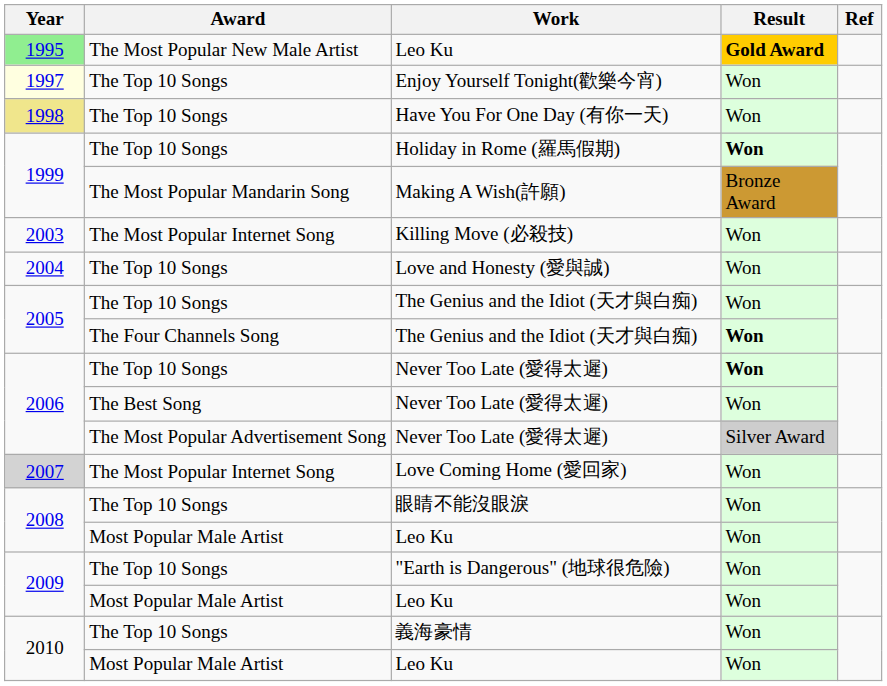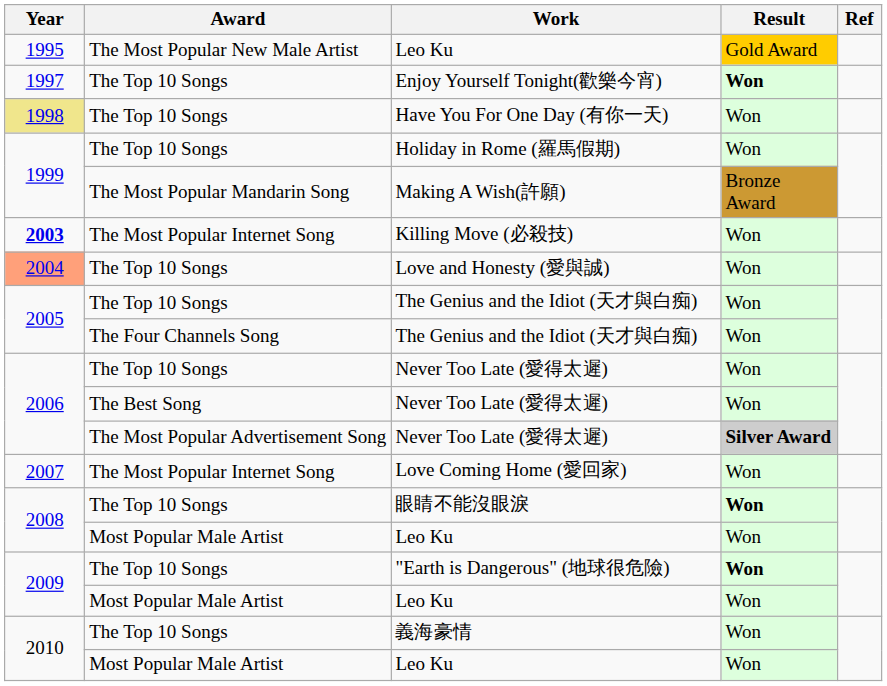 <table class="wikitable">
 <tr>
 <th width=60>Year</th>
 <th width="250">Award</th>
 <th width="270">Work</th>
 <th width="90">Result</th>
 <th width="30">Ref</th>
 </tr>
 <tr>
-<td align="center" style="background: lightgreen;"><a href='#'>1995</a></td>
+<td align="center"><a href='#'>1995</a></td>
 <td>The Most Popular New Male Artist</td>
 <td>Leo Ku</td>
-<td style="background: #FFCC00"><strong><div>Gold Award</div></strong></td>
+<td style="background: #FFCC00"><div>Gold Award</div></td>
 <td align="center"></td>
 </tr>
 <tr>
-<td align="center" style="background: lightyellow;"><a href='#'>1997</a></td>
+<td align="center"><a href='#'>1997</a></td>
 <td>The Top 10 Songs</td>
 <td>Enjoy Yourself Tonight(歡樂今宵)</td>
-<td style="background: #ddffdd"><div>Won</div></td>
+<td style="background: #ddffdd"><strong><div>Won</div></strong></td>
 <td align="center"></td>
 </tr>
 <tr>
 <td align="center" style="background: khaki;"><a href='#'>1998</a></td>
 <td>The Top 10 Songs</td>
 <td>Have You For One Day (有你一天)</td>
 <td style="background: #ddffdd"><div>Won</div></td>
 <td align="center"></td>
 </tr>
 <tr>
 <td rowspan = "2" align="center"><a href='#'>1999</a></td>
 <td>The Top 10 Songs</td>
 <td>Holiday in Rome (羅馬假期)</td>
-<td style="background: #ddffdd"><strong><div>Won</div></strong></td>
+<td style="background: #ddffdd"><div>Won</div></td>
 <td rowspan = "2"  align="center"></td>
 </tr>
 <tr>
 <td>The Most Popular Mandarin Song</td>
 <td>Making A Wish(許願)</td>
 <td style="background: #CC9933"><div>Bronze Award</div></td>
 </tr>
 <tr>
-<td align="center"><a href='#'>2003</a></td>
+<td align="center"><strong><a href='#'>2003</a></strong></td>
 <td>The Most Popular Internet Song</td>
 <td>Killing Move (必殺技)</td>
 <td style="background: #ddffdd"><div>Won</div></td>
 <td align="center"></td>
 </tr>
 <tr>
-<td align="center"><a href='#'>2004</a></td>
+<td align="center" style="background: lightsalmon;"><a href='#'>2004</a></td>
 <td>The Top 10 Songs</td>
 <td>Love and Honesty (愛與誠)</td>
 <td style="background: #ddffdd"><div>Won</div></td>
 <td align="center"></td>
 </tr>
 <tr>
 <td rowspan = "2" align="center"><a href='#'>2005</a></td>
 <td>The Top 10 Songs</td>
 <td>The Genius and the Idiot (天才與白痴)</td>
 <td style="background: #ddffdd"><div>Won</div></td>
 <td rowspan = "2" align="center"></td>
 </tr>
 <tr>
 <td>The Four Channels Song</td>
 <td>The Genius and the Idiot (天才與白痴)</td>
-<td style="background: #ddffdd"><strong><div>Won</div></strong></td>
+<td style="background: #ddffdd"><div>Won</div></td>
 </tr>
 <tr>
 <td rowspan = "3" align="center"><a href='#'>2006</a></td>
 <td>The Top 10 Songs</td>
 <td>Never Too Late (愛得太遲)</td>
-<td style="background: #ddffdd"><strong><div>Won</div></strong></td>
+<td style="background: #ddffdd"><div>Won</div></td>
 <td rowspan = "3" align="center"></td>
 </tr>
 <tr>
 <td>The Best Song</td>
 <td>Never Too Late (愛得太遲)</td>
 <td style="background: #ddffdd"><div>Won</div></td>
 </tr>
 <tr>
 <td>The Most Popular Advertisement Song</td>
 <td>Never Too Late (愛得太遲)</td>
-<td style="background: #cdcdcd"><div>Silver Award</div></td>
+<td style="background: #cdcdcd"><strong><div>Silver Award</div></strong></td>
 </tr>
 <tr>
-<td align="center" style="background: lightgrey;"><a href='#'>2007</a></td>
+<td align="center"><a href='#'>2007</a></td>
 <td>The Most Popular Internet Song</td>
 <td>Love Coming Home (愛回家)</td>
 <td style="background: #ddffdd"><div>Won</div></td>
 <td align="center"></td>
 </tr>
 <tr>
 <td rowspan = "2" align="center"><a href='#'>2008</a></td>
 <td>The Top 10 Songs</td>
 <td>眼睛不能沒眼淚</td>
-<td style="background: #ddffdd"><div>Won</div></td>
+<td style="background: #ddffdd"><strong><div>Won</div></strong></td>
 <td rowspan = "2" align="center"></td>
 </tr>
 <tr>
 <td>Most Popular Male Artist</td>
 <td>Leo Ku</td>
 <td style="background: #ddffdd"><div>Won</div></td>
 </tr>
 <tr>
 <td rowspan = "2" align="center"><a href='#'>2009</a></td>
 <td>The Top 10 Songs</td>
 <td>"Earth is Dangerous" (地球很危險)</td>
-<td style="background: #ddffdd"><div>Won</div></td>
+<td style="background: #ddffdd"><strong><div>Won</div></strong></td>
 <td rowspan = "2" align="center"></td>
 </tr>
 <tr>
 <td>Most Popular Male Artist</td>
 <td>Leo Ku</td>
 <td style="background: #ddffdd"><div>Won</div></td>
 </tr>
 <tr>
 <td rowspan = "2" align="center">2010</td>
 <td>The Top 10 Songs</td>
 <td>義海豪情</td>
 <td style="background: #ddffdd"><div>Won</div></td>
 <td rowspan = "2" align="center"></td>
 </tr>
 <tr>
 <td>Most Popular Male Artist</td>
 <td>Leo Ku</td>
 <td style="background: #ddffdd"><div>Won</div></td>
 </tr>
 </table>
